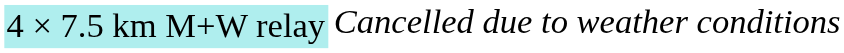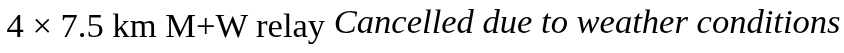 <table>
 <tr>
 <td></td>
 <td colspan=6 rowspan=2  align=center><em>Cancelled due to weather conditions</em></td>
 </tr>
 <tr>
-<td style="background: paleturquoise;">4 × 7.5 km M+W relay</td>
+<td>4 × 7.5 km M+W relay</td>
 </tr>
 </table>
